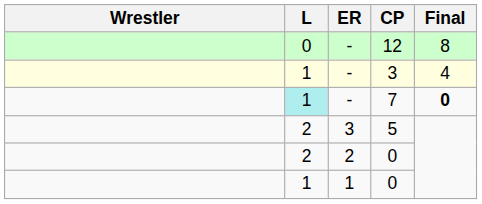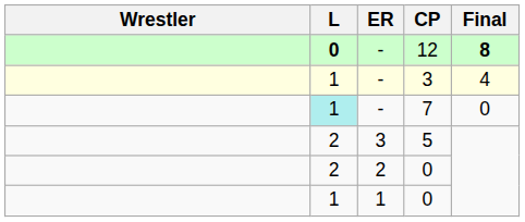 <table class="wikitable" style="text-align: center;" |>
 <tr>
 <th width="250">Wrestler</th>
 <th width="32">L</th>
 <th width="32">ER</th>
 <th width="32">CP</th>
 <th width="50">Final</th>
 </tr>
 <tr bgcolor="ccffcc">
 <td style="text-align:left;"></td>
-<td>0</td>
+<td><strong>0</strong></td>
 <td>-</td>
 <td>12</td>
-<td>8</td>
+<td><strong>8</strong></td>
 </tr>
 <tr bgcolor="lightyellow">
 <td style="text-align:left;"></td>
 <td>1</td>
 <td>-</td>
 <td>3</td>
 <td>4</td>
 </tr>
 <tr>
 <td style="text-align:left;"></td>
 <td style="background: paleturquoise;">1</td>
 <td>-</td>
 <td>7</td>
-<td><strong>0</strong></td>
+<td>0</td>
 </tr>
 <tr>
 <td style="text-align:left;"></td>
 <td>2</td>
 <td>3</td>
 <td>5</td>
 </tr>
 <tr>
 <td style="text-align:left;"></td>
 <td>2</td>
 <td>2</td>
 <td>0</td>
 </tr>
 <tr>
 <td style="text-align:left;"></td>
 <td>1</td>
 <td>1</td>
 <td>0</td>
 </tr>
 </table>
